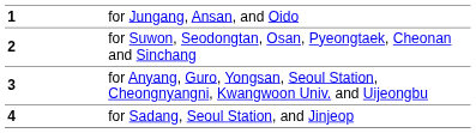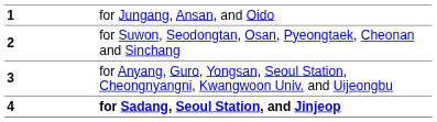 <table border="1" style="margin-left: 0.5em"  cellspacing="0" cellpadding="3" frame="hsides" rules="rows">
 <tr>
 <th align=left width=50>1</th>
 <td width=50></td>
 <td width=400>for <a href='#'>Jungang</a>, <a href='#'>Ansan</a>, and <a href='#'>Oido</a></td>
 </tr>
 <tr>
 <th align=left>2</th>
 <td></td>
 <td>for <a href='#'>Suwon</a>, <a href='#'>Seodongtan</a>, <a href='#'>Osan</a>, <a href='#'>Pyeongtaek</a>, <a href='#'>Cheonan</a> and <a href='#'>Sinchang</a></td>
 </tr>
 <tr>
 <th align=left>3</th>
 <td></td>
 <td>for <a href='#'>Anyang</a>, <a href='#'>Guro</a>, <a href='#'>Yongsan</a>, <a href='#'>Seoul Station</a>, <a href='#'>Cheongnyangni</a>, <a href='#'>Kwangwoon Univ.</a> and <a href='#'>Uijeongbu</a></td>
 </tr>
 <tr>
 <th align=left>4</th>
 <td></td>
-<td>for <a href='#'>Sadang</a>, <a href='#'>Seoul Station</a>, and <a href='#'>Jinjeop</a></td>
+<td><strong>for <a href='#'>Sadang</a>, <a href='#'>Seoul Station</a>, and <a href='#'>Jinjeop</a></strong></td>
 </tr>
 <tr>
 </tr>
 </table>
